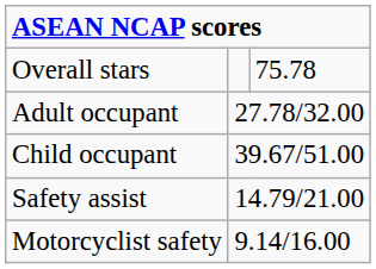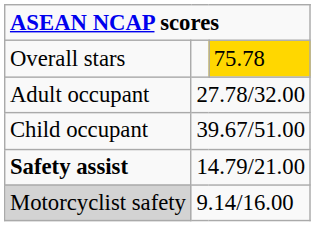 <table class="wikitable">
 <tr>
 <td colspan="3"><strong><a href='#'>ASEAN NCAP</a> scores</strong></td>
 </tr>
 <tr>
 <td>Overall stars</td>
 <td></td>
-<td>75.78</td>
+<td style="background: gold;">75.78</td>
 </tr>
 <tr>
 <td>Adult occupant</td>
 <td colspan="2">27.78/32.00</td>
 </tr>
 <tr>
 <td>Child occupant</td>
 <td colspan="2">39.67/51.00</td>
 </tr>
 <tr>
-<td>Safety assist</td>
+<td><strong>Safety assist</strong></td>
 <td colspan="2">14.79/21.00</td>
 </tr>
 <tr>
-<td>Motorcyclist safety</td>
+<td style="background: lightgrey;">Motorcyclist safety</td>
 <td colspan="2">9.14/16.00</td>
 </tr>
 </table>
